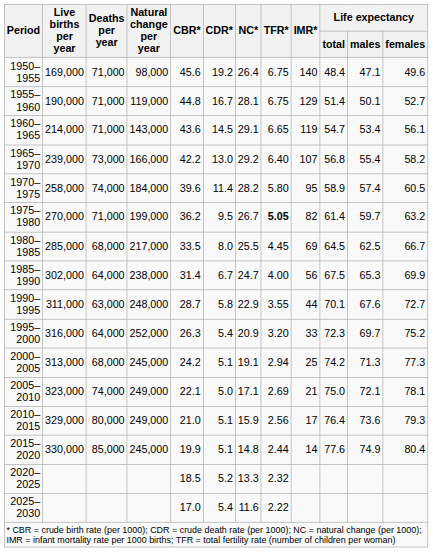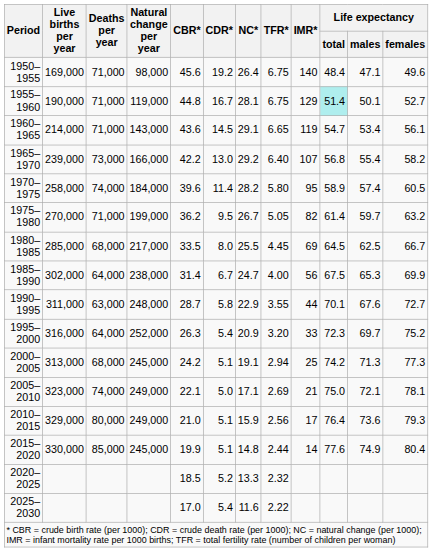 <table class="wikitable" style="text-align: right;">
 <tr>
 <th rowspan=2>Period</th>
 <th rowspan=2>Live births<br>per year</th>
 <th rowspan=2>Deaths<br>per year</th>
 <th rowspan=2>Natural change<br>per year</th>
 <th rowspan=2>CBR*</th>
 <th rowspan=2>CDR*</th>
 <th rowspan=2>NC*</th>
 <th rowspan=2>TFR*</th>
 <th rowspan=2>IMR*</th>
 <th colspan=3>Life expectancy</th>
 </tr>
 <tr>
 <th>total</th>
 <th>males</th>
 <th>females</th>
 </tr>
 <tr>
 <td>1950–1955</td>
 <td>169,000</td>
 <td>71,000</td>
 <td>98,000</td>
 <td>45.6</td>
 <td>19.2</td>
 <td>26.4</td>
 <td>6.75</td>
 <td>140</td>
 <td>48.4</td>
 <td>47.1</td>
 <td>49.6</td>
 </tr>
 <tr>
 <td>1955–1960</td>
 <td>190,000</td>
 <td>71,000</td>
 <td>119,000</td>
 <td>44.8</td>
 <td>16.7</td>
 <td>28.1</td>
 <td>6.75</td>
 <td>129</td>
-<td>51.4</td>
+<td style="background: paleturquoise;">51.4</td>
 <td>50.1</td>
 <td>52.7</td>
 </tr>
 <tr>
 <td>1960–1965</td>
 <td>214,000</td>
 <td>71,000</td>
 <td>143,000</td>
 <td>43.6</td>
 <td>14.5</td>
 <td>29.1</td>
 <td>6.65</td>
 <td>119</td>
 <td>54.7</td>
 <td>53.4</td>
 <td>56.1</td>
 </tr>
 <tr>
 <td>1965–1970</td>
 <td>239,000</td>
 <td>73,000</td>
 <td>166,000</td>
 <td>42.2</td>
 <td>13.0</td>
 <td>29.2</td>
 <td>6.40</td>
 <td>107</td>
 <td>56.8</td>
 <td>55.4</td>
 <td>58.2</td>
 </tr>
 <tr>
 <td>1970–1975</td>
 <td>258,000</td>
 <td>74,000</td>
 <td>184,000</td>
 <td>39.6</td>
 <td>11.4</td>
 <td>28.2</td>
 <td>5.80</td>
 <td>95</td>
 <td>58.9</td>
 <td>57.4</td>
 <td>60.5</td>
 </tr>
 <tr>
 <td>1975–1980</td>
 <td>270,000</td>
 <td>71,000</td>
 <td>199,000</td>
 <td>36.2</td>
 <td>9.5</td>
 <td>26.7</td>
-<td><strong>5.05</strong></td>
+<td>5.05</td>
 <td>82</td>
 <td>61.4</td>
 <td>59.7</td>
 <td>63.2</td>
 </tr>
 <tr>
 <td>1980–1985</td>
 <td>285,000</td>
 <td>68,000</td>
 <td>217,000</td>
 <td>33.5</td>
 <td>8.0</td>
 <td>25.5</td>
 <td>4.45</td>
 <td>69</td>
 <td>64.5</td>
 <td>62.5</td>
 <td>66.7</td>
 </tr>
 <tr>
 <td>1985–1990</td>
 <td>302,000</td>
 <td>64,000</td>
 <td>238,000</td>
 <td>31.4</td>
 <td>6.7</td>
 <td>24.7</td>
 <td>4.00</td>
 <td>56</td>
 <td>67.5</td>
 <td>65.3</td>
 <td>69.9</td>
 </tr>
 <tr>
 <td>1990–1995</td>
 <td>311,000</td>
 <td>63,000</td>
 <td>248,000</td>
 <td>28.7</td>
 <td>5.8</td>
 <td>22.9</td>
 <td>3.55</td>
 <td>44</td>
 <td>70.1</td>
 <td>67.6</td>
 <td>72.7</td>
 </tr>
 <tr>
 <td>1995–2000</td>
 <td>316,000</td>
 <td>64,000</td>
 <td>252,000</td>
 <td>26.3</td>
 <td>5.4</td>
 <td>20.9</td>
 <td>3.20</td>
 <td>33</td>
 <td>72.3</td>
 <td>69.7</td>
 <td>75.2</td>
 </tr>
 <tr>
 <td>2000–2005</td>
 <td>313,000</td>
 <td>68,000</td>
 <td>245,000</td>
 <td>24.2</td>
 <td>5.1</td>
 <td>19.1</td>
 <td>2.94</td>
 <td>25</td>
 <td>74.2</td>
 <td>71.3</td>
 <td>77.3</td>
 </tr>
 <tr>
 <td>2005–2010</td>
 <td>323,000</td>
 <td>74,000</td>
 <td>249,000</td>
 <td>22.1</td>
 <td>5.0</td>
 <td>17.1</td>
 <td>2.69</td>
 <td>21</td>
 <td>75.0</td>
 <td>72.1</td>
 <td>78.1</td>
 </tr>
 <tr>
 <td>2010–2015</td>
 <td>329,000</td>
 <td>80,000</td>
 <td>249,000</td>
 <td>21.0</td>
 <td>5.1</td>
 <td>15.9</td>
 <td>2.56</td>
 <td>17</td>
 <td>76.4</td>
 <td>73.6</td>
 <td>79.3</td>
 </tr>
 <tr>
 <td>2015–2020</td>
 <td>330,000</td>
 <td>85,000</td>
 <td>245,000</td>
 <td>19.9</td>
 <td>5.1</td>
 <td>14.8</td>
 <td>2.44</td>
 <td>14</td>
 <td>77.6</td>
 <td>74.9</td>
 <td>80.4</td>
 </tr>
 <tr>
 <td>2020–2025</td>
 <td></td>
 <td></td>
 <td></td>
 <td>18.5</td>
 <td>5.2</td>
 <td>13.3</td>
 <td>2.32</td>
 <td></td>
 <td></td>
 <td></td>
 <td></td>
 </tr>
 <tr>
 <td>2025–2030</td>
 <td></td>
 <td></td>
 <td></td>
 <td>17.0</td>
 <td>5.4</td>
 <td>11.6</td>
 <td>2.22</td>
 <td></td>
 <td></td>
 <td></td>
 <td></td>
 </tr>
 <tr>
 <td colspan="12" style="text-align:left; font-size:smaller;">* CBR = crude birth rate (per 1000); CDR = crude death rate (per 1000); NC = natural change (per 1000); IMR = infant mortality rate per 1000 births; TFR = total fertility rate (number of children per woman)</td>
 </tr>
 </table>
